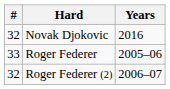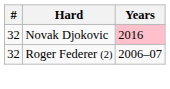 <table class=wikitable style="display:inline-table;">
 <tr>
 <th>#</th>
 <th>Hard</th>
 <th>Years</th>
 </tr>
 <tr>
 <td>32</td>
 <td> Novak Djokovic</td>
-<td>2016</td>
-</tr>
-<tr>
-<td>33</td>
-<td> Roger Federer</td>
-<td>2005–06</td>
+<td style="background: pink;">2016</td>
 </tr>
 <tr>
 <td>32</td>
 <td> Roger Federer <small>(2)</small></td>
 <td>2006–07</td>
 </tr>
 </table>
